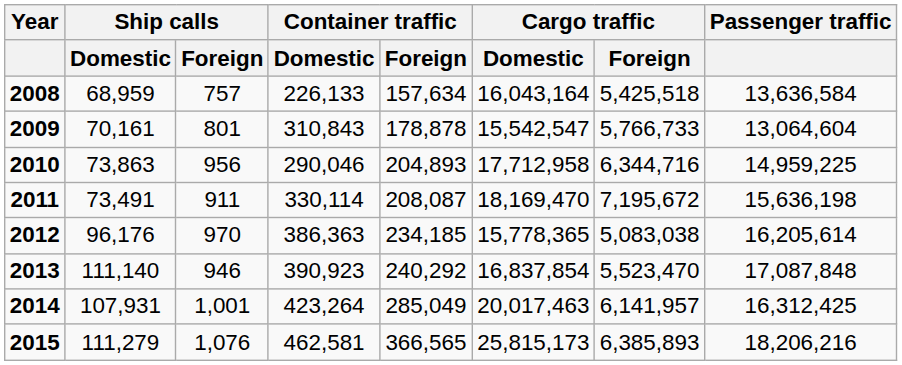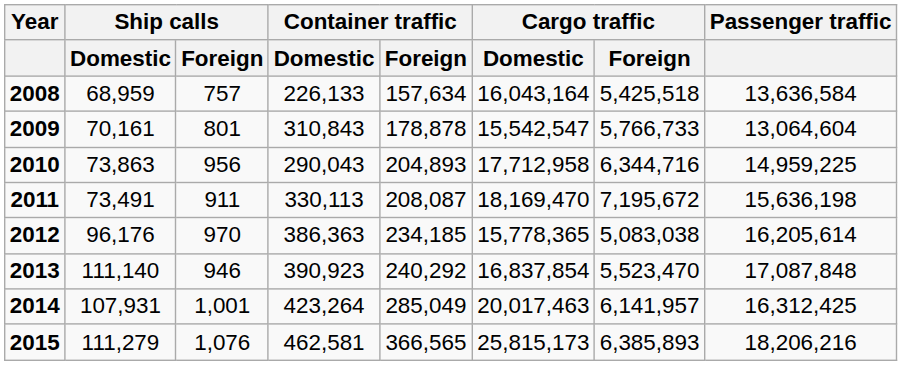 <table class="wikitable" style="text-align:center; ">
 <tr>
 <th>Year</th>
 <th colspan="2">Ship calls<br></th>
 <th colspan="2">Container traffic<br> </th>
 <th colspan="2">Cargo traffic<br> </th>
 <th>Passenger traffic<br> </th>
 </tr>
 <tr>
 <th></th>
 <th>Domestic</th>
 <th>Foreign</th>
 <th>Domestic</th>
 <th>Foreign</th>
 <th>Domestic</th>
 <th>Foreign</th>
 <th></th>
 </tr>
 <tr>
 <td><strong>2008</strong></td>
 <td>68,959</td>
 <td>757</td>
 <td>226,133</td>
 <td>157,634</td>
 <td>16,043,164</td>
 <td>5,425,518</td>
 <td>13,636,584</td>
 </tr>
 <tr>
 <td><strong>2009</strong></td>
 <td>70,161</td>
 <td>801</td>
 <td>310,843</td>
 <td>178,878</td>
 <td>15,542,547</td>
 <td>5,766,733</td>
 <td>13,064,604</td>
 </tr>
 <tr>
 <td><strong>2010</strong></td>
 <td>73,863</td>
 <td>956</td>
-<td>290,046</td>
+<td>290,043</td>
 <td>204,893</td>
 <td>17,712,958</td>
 <td>6,344,716</td>
 <td>14,959,225</td>
 </tr>
 <tr>
 <td><strong>2011</strong></td>
 <td>73,491</td>
 <td>911</td>
-<td>330,114</td>
+<td>330,113</td>
 <td>208,087</td>
 <td>18,169,470</td>
 <td>7,195,672</td>
 <td>15,636,198</td>
 </tr>
 <tr>
 <td><strong>2012</strong></td>
 <td>96,176</td>
 <td>970</td>
 <td>386,363</td>
 <td>234,185</td>
 <td>15,778,365</td>
 <td>5,083,038</td>
 <td>16,205,614</td>
 </tr>
 <tr>
 <td><strong>2013</strong></td>
 <td>111,140</td>
 <td>946</td>
 <td>390,923</td>
 <td>240,292</td>
 <td>16,837,854</td>
 <td>5,523,470</td>
 <td>17,087,848</td>
 </tr>
 <tr>
 <td><strong>2014</strong></td>
 <td>107,931</td>
 <td>1,001</td>
 <td>423,264</td>
 <td>285,049</td>
 <td>20,017,463</td>
 <td>6,141,957</td>
 <td>16,312,425</td>
 </tr>
 <tr>
 <td><strong>2015</strong></td>
 <td>111,279</td>
 <td>1,076</td>
 <td>462,581</td>
 <td>366,565</td>
 <td>25,815,173</td>
 <td>6,385,893</td>
 <td>18,206,216</td>
 </tr>
 </table>
